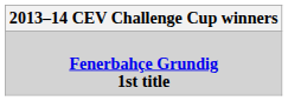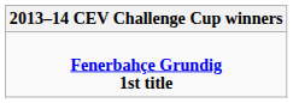 <table class=wikitable style="text-align:center; margin:auto">
 <tr>
 <th>2013–14 CEV Challenge Cup winners</th>
 </tr>
 <tr>
-<td style="background: lightgrey;"><br><strong><a href='#'>Fenerbahçe Grundig</a></strong><br> <strong>1st title</strong></td>
+<td><br><strong><a href='#'>Fenerbahçe Grundig</a></strong><br> <strong>1st title</strong></td>
 </tr>
 </table>
